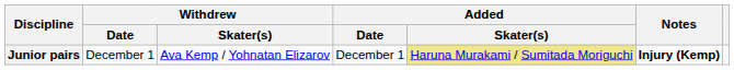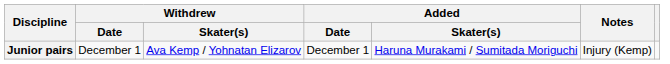 <table class="wikitable unsortable">
 <tr>
 <th scope="col" rowspan=2>Discipline</th>
 <th scope="col" colspan=2>Withdrew</th>
 <th scope="col" colspan=2>Added</th>
 <th scope="col" rowspan=2>Notes</th>
 <th scope="col" rowspan=2></th>
 </tr>
 <tr>
 <th>Date</th>
 <th>Skater(s)</th>
 <th>Date</th>
 <th>Skater(s)</th>
 </tr>
 <tr>
 <th scope="row" style="text-align:left">Junior pairs</th>
 <td>December 1</td>
 <td> <a href='#'>Ava Kemp</a> / <a href='#'>Yohnatan Elizarov</a></td>
 <td>December 1</td>
-<td style="background: khaki;"> <a href='#'>Haruna Murakami</a> / <a href='#'>Sumitada Moriguchi</a></td>
-<td><strong>Injury (Kemp)</strong></td>
+<td> <a href='#'>Haruna Murakami</a> / <a href='#'>Sumitada Moriguchi</a></td>
+<td>Injury (Kemp)</td>
 <td></td>
 </tr>
 </table>
